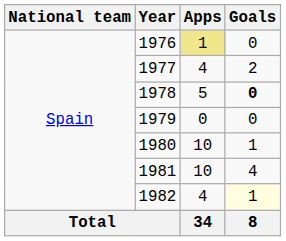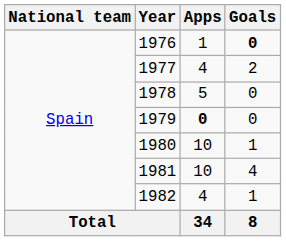 <table class="wikitable" style="text-align: center;">
 <tr>
 <th>National team</th>
 <th>Year</th>
 <th>Apps</th>
 <th>Goals</th>
 </tr>
 <tr>
 <td rowspan="7"><a href='#'>Spain</a></td>
 <td>1976</td>
-<td style="background: khaki;">1</td>
-<td>0</td>
+<td>1</td>
+<td><strong>0</strong></td>
 </tr>
 <tr>
 <td>1977</td>
 <td>4</td>
 <td>2</td>
 </tr>
 <tr>
 <td>1978</td>
 <td>5</td>
-<td><strong>0</strong></td>
+<td>0</td>
 </tr>
 <tr>
 <td>1979</td>
-<td>0</td>
+<td><strong>0</strong></td>
 <td>0</td>
 </tr>
 <tr>
 <td>1980</td>
 <td>10</td>
 <td>1</td>
 </tr>
 <tr>
 <td>1981</td>
 <td>10</td>
 <td>4</td>
 </tr>
 <tr>
 <td>1982</td>
 <td>4</td>
-<td style="background: lightyellow;">1</td>
+<td>1</td>
 </tr>
 <tr>
 <th colspan="2">Total</th>
 <th>34</th>
 <th>8</th>
 </tr>
 </table>
